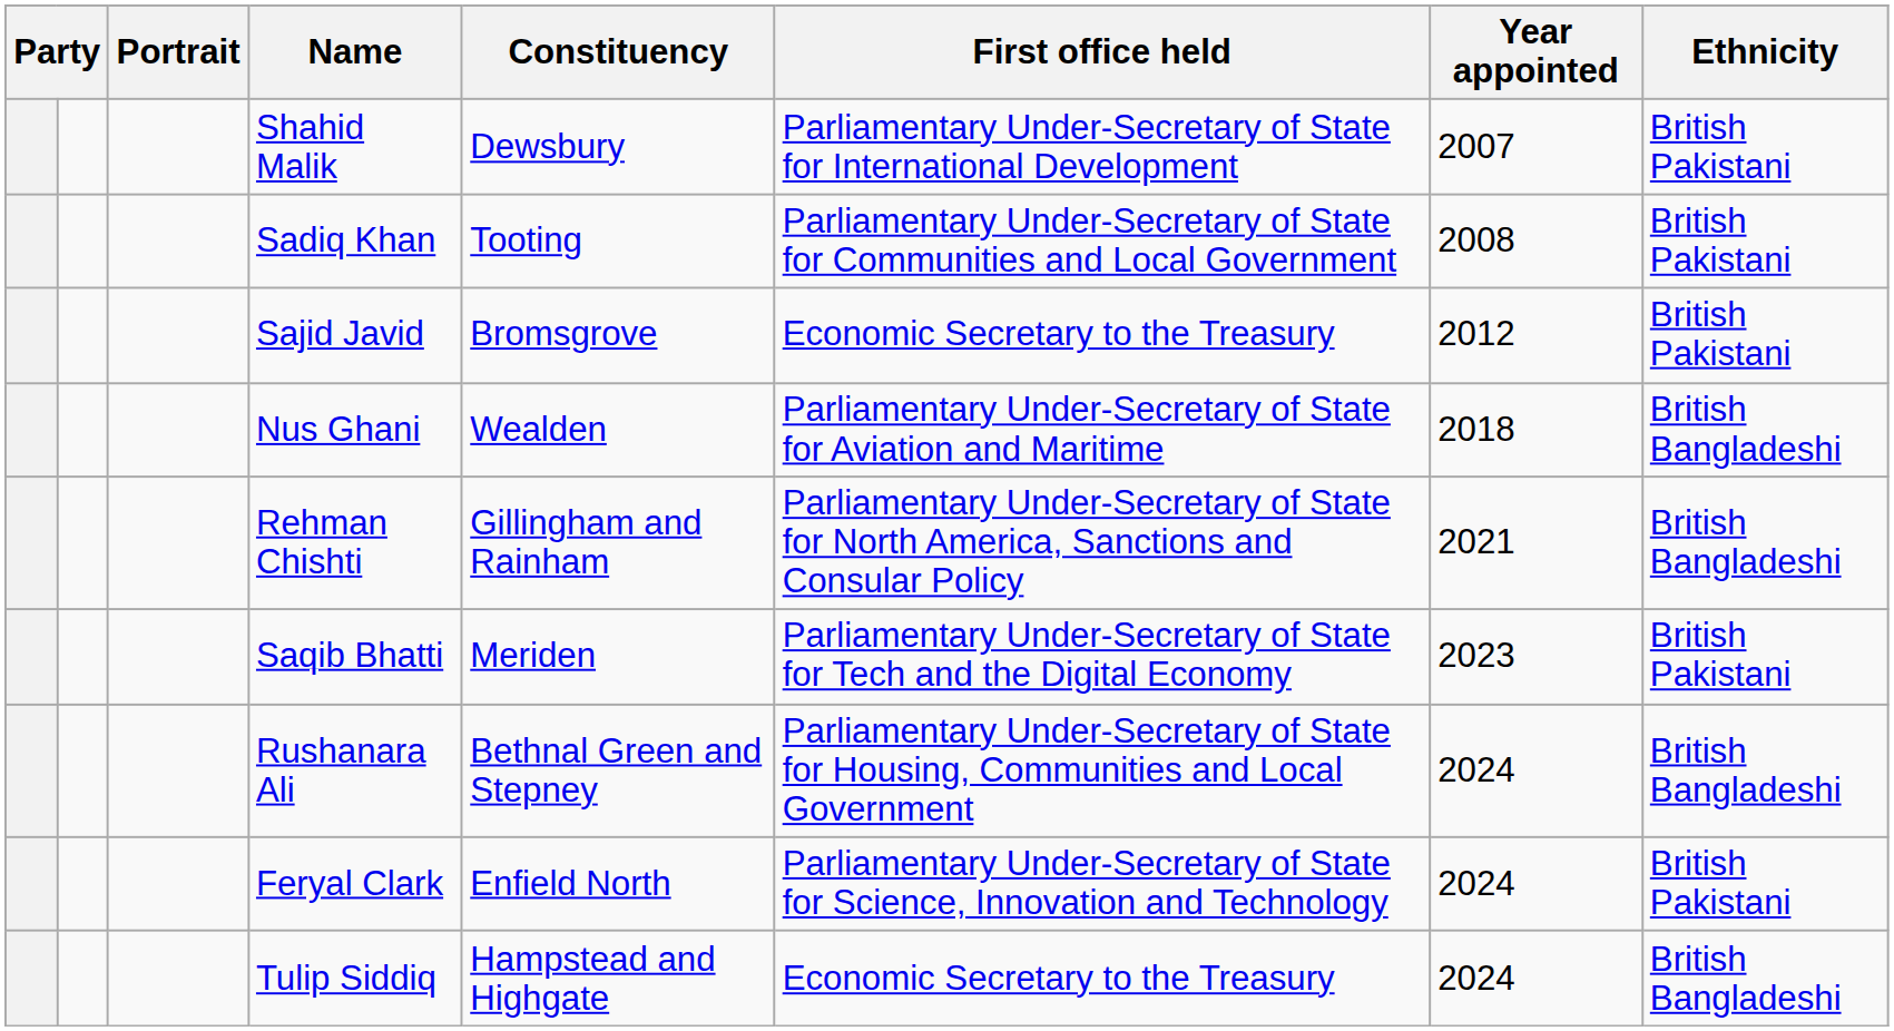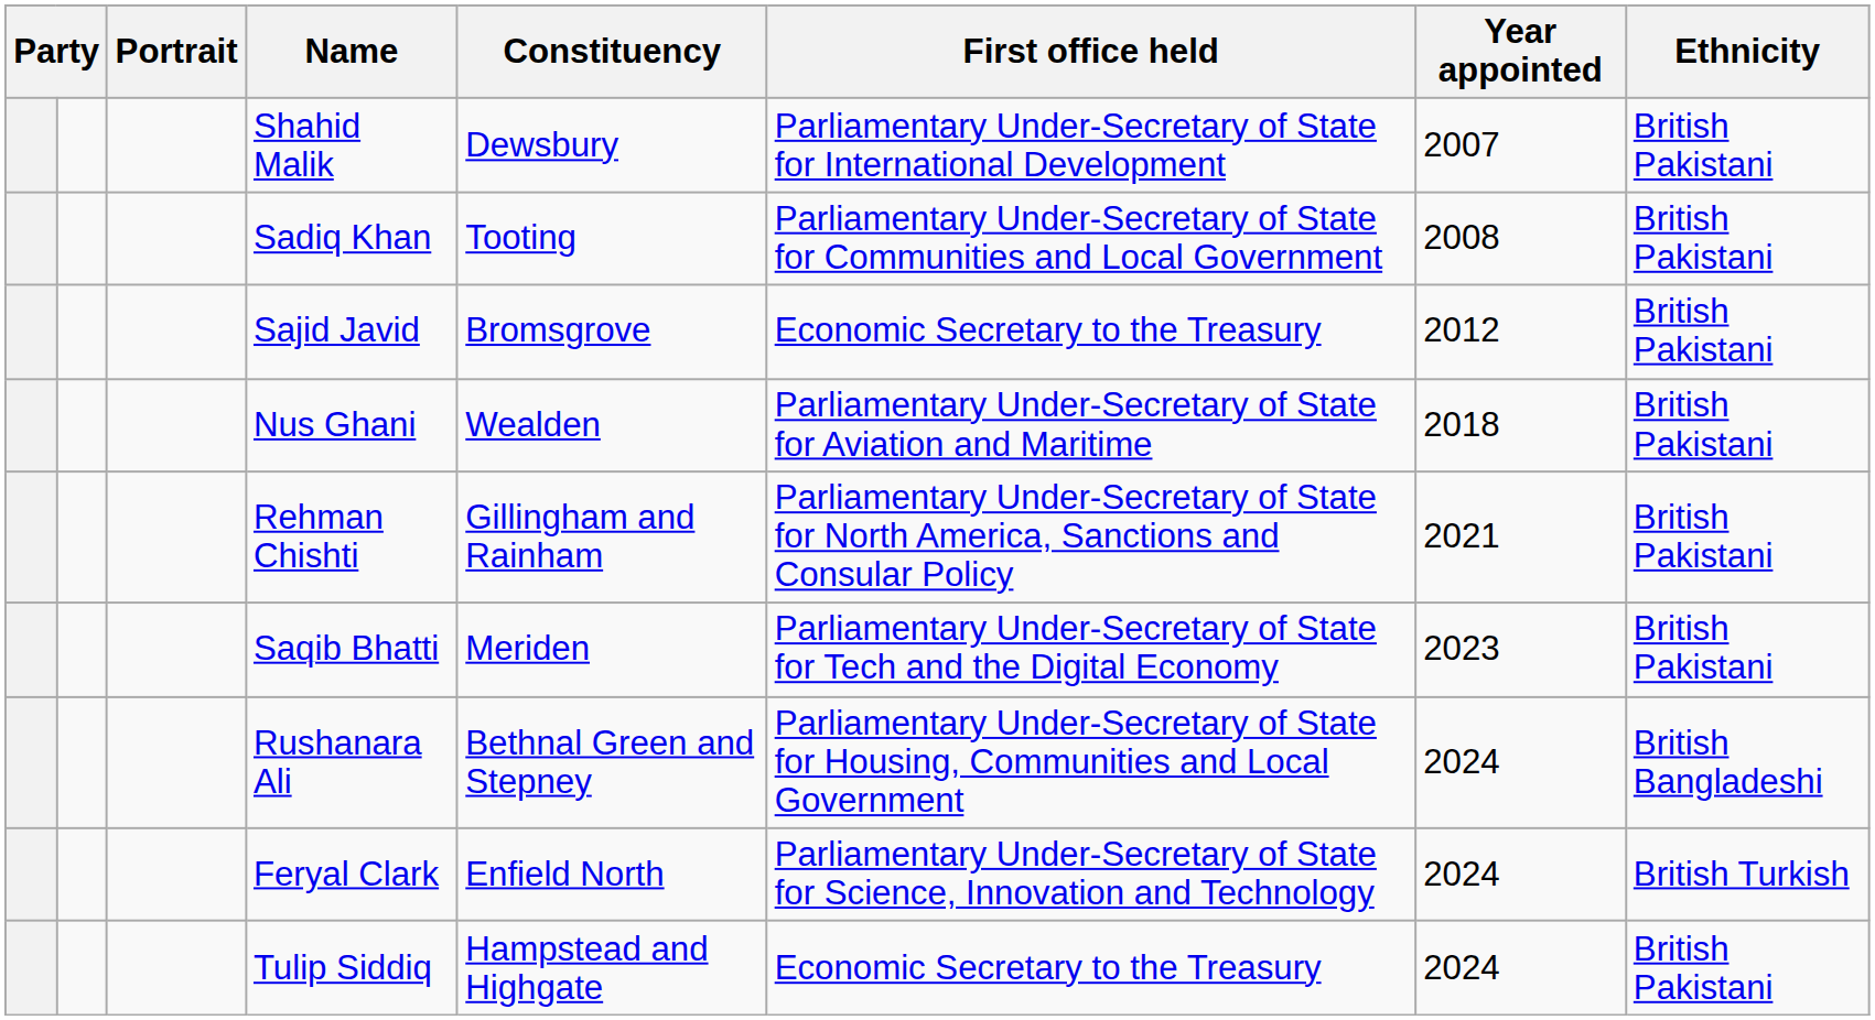 <table class="wikitable sortable">
 <tr>
 <th colspan=2>Party</th>
 <th>Portrait</th>
 <th>Name</th>
 <th>Constituency</th>
 <th>First office held</th>
 <th>Year appointed</th>
 <th>Ethnicity</th>
 </tr>
 <tr>
 <th style="background-color: "></th>
 <td></td>
 <td></td>
 <td><a href='#'>Shahid Malik</a></td>
 <td><a href='#'>Dewsbury</a></td>
 <td><a href='#'>Parliamentary Under-Secretary of State for International Development</a></td>
 <td>2007</td>
 <td><a href='#'>British Pakistani</a></td>
 </tr>
 <tr>
 <th style="background-color: "></th>
 <td></td>
 <td></td>
 <td><a href='#'>Sadiq Khan</a></td>
 <td><a href='#'>Tooting</a></td>
 <td><a href='#'>Parliamentary Under-Secretary of State for Communities and Local Government</a></td>
 <td>2008</td>
 <td><a href='#'>British Pakistani</a></td>
 </tr>
 <tr>
 <th style="background-color: "></th>
 <td></td>
 <td></td>
 <td><a href='#'>Sajid Javid</a></td>
 <td><a href='#'>Bromsgrove</a></td>
 <td><a href='#'>Economic Secretary to the Treasury</a></td>
 <td>2012</td>
 <td><a href='#'>British Pakistani</a></td>
 </tr>
 <tr>
 <th style="background-color: "></th>
 <td></td>
 <td></td>
 <td><a href='#'>Nus Ghani</a></td>
 <td><a href='#'>Wealden</a></td>
 <td><a href='#'>Parliamentary Under-Secretary of State for Aviation and Maritime</a></td>
 <td>2018</td>
-<td><a href='#'>British Bangladeshi</a></td>
+<td><a href='#'>British Pakistani</a></td>
 </tr>
 <tr>
 <th style="background-color: "></th>
 <td></td>
 <td></td>
 <td><a href='#'>Rehman Chishti</a></td>
 <td><a href='#'>Gillingham and Rainham</a></td>
 <td><a href='#'>Parliamentary Under-Secretary of State for North America, Sanctions and Consular Policy</a></td>
 <td>2021</td>
-<td><a href='#'>British Bangladeshi</a></td>
+<td><a href='#'>British Pakistani</a></td>
 </tr>
 <tr>
 <th style="background-color: "></th>
 <td></td>
 <td></td>
 <td><a href='#'>Saqib Bhatti</a></td>
 <td><a href='#'>Meriden</a></td>
 <td><a href='#'>Parliamentary Under-Secretary of State for Tech and the Digital Economy</a></td>
 <td>2023</td>
 <td><a href='#'>British Pakistani</a></td>
 </tr>
 <tr>
 <th style="background-color: "></th>
 <td></td>
 <td></td>
 <td><a href='#'>Rushanara Ali</a></td>
 <td><a href='#'>Bethnal Green and Stepney</a></td>
 <td><a href='#'>Parliamentary Under-Secretary of State for Housing, Communities and Local Government</a></td>
 <td>2024</td>
 <td><a href='#'>British Bangladeshi</a></td>
 </tr>
 <tr>
 <th style="background-color: "></th>
 <td></td>
 <td></td>
 <td><a href='#'>Feryal Clark</a></td>
 <td><a href='#'>Enfield North</a></td>
 <td><a href='#'>Parliamentary Under-Secretary of State for Science, Innovation and Technology</a></td>
 <td>2024</td>
-<td><a href='#'>British Pakistani</a></td>
+<td><a href='#'>British Turkish</a></td>
 </tr>
 <tr>
 <th style="background-color: "></th>
 <td></td>
 <td></td>
 <td><a href='#'>Tulip Siddiq</a></td>
 <td><a href='#'>Hampstead and Highgate</a></td>
 <td><a href='#'>Economic Secretary to the Treasury</a></td>
 <td>2024</td>
-<td><a href='#'>British Bangladeshi</a></td>
+<td><a href='#'>British Pakistani</a></td>
 </tr>
 </table>
